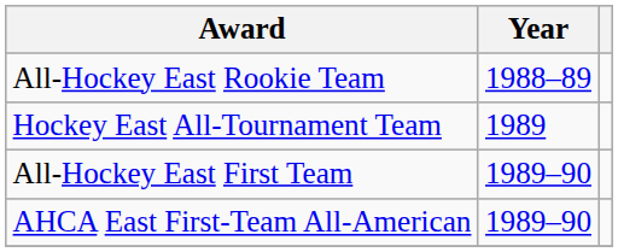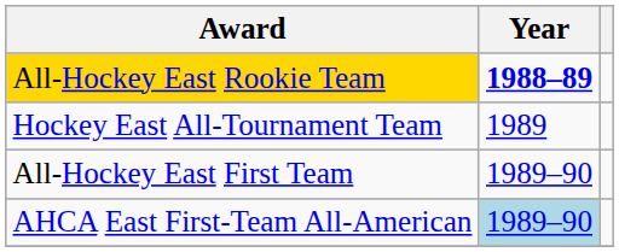 <table class="wikitable">
 <tr>
 <th>Award</th>
 <th>Year</th>
 <th></th>
 </tr>
 <tr>
-<td>All-<a href='#'>Hockey East</a> <a href='#'>Rookie Team</a></td>
-<td><a href='#'>1988–89</a></td>
+<td style="background: gold;">All-<a href='#'>Hockey East</a> <a href='#'>Rookie Team</a></td>
+<td><strong><a href='#'>1988–89</a></strong></td>
 <td></td>
 </tr>
 <tr>
 <td><a href='#'>Hockey East</a> <a href='#'>All-Tournament Team</a></td>
 <td><a href='#'>1989</a></td>
 <td></td>
 </tr>
 <tr>
 <td>All-<a href='#'>Hockey East</a> <a href='#'>First Team</a></td>
 <td><a href='#'>1989–90</a></td>
 <td></td>
 </tr>
 <tr>
 <td><a href='#'>AHCA</a> <a href='#'>East First-Team All-American</a></td>
-<td><a href='#'>1989–90</a></td>
+<td style="background: lightblue;"><a href='#'>1989–90</a></td>
 <td></td>
 </tr>
 <tr>
 </tr>
 </table>
